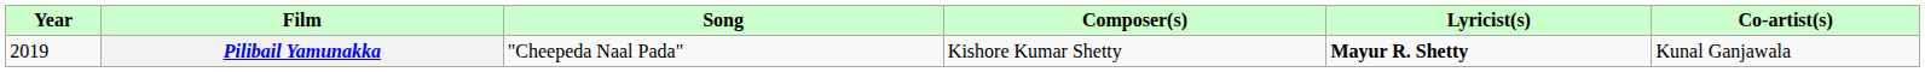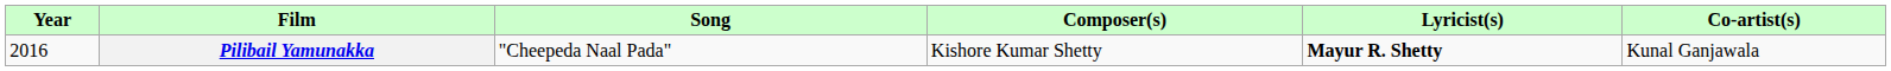 <table class="wikitable plainrowheaders" style="width:100%; textcolor:#000">
 <tr style="background:#cfc; text-align:center;">
 <td scope="col" style="width:5%;"><strong>Year</strong></td>
 <td scope="col" style="width:21%;"><strong>Film</strong></td>
 <td scope="col" style="width:23%;"><strong>Song</strong></td>
 <td scope="col" style="width:20%;"><strong>Composer(s)</strong></td>
 <td scope="col" style="width:17%;"><strong>Lyricist(s)</strong></td>
 <td scope="col" style="width:18%;"><strong>Co-artist(s)</strong></td>
 </tr>
 <tr>
-<td>2019</td>
+<td>2016</td>
 <th scope="row"><em><a href='#'>Pilibail Yamunakka</a></em></th>
 <td>"Cheepeda Naal Pada"</td>
 <td>Kishore Kumar Shetty</td>
 <td><strong>Mayur R. Shetty</strong></td>
 <td>Kunal Ganjawala</td>
 </tr>
 </table>
